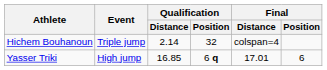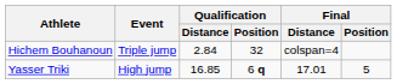 <table class=wikitable style=font-size:90%>
 <tr>
 <th rowspan=2>Athlete</th>
 <th rowspan=2>Event</th>
 <th colspan=2>Qualification</th>
 <th colspan=2>Final</th>
 </tr>
 <tr style=font-size:95%>
 <th>Distance</th>
 <th>Position</th>
 <th>Distance</th>
 <th>Position</th>
 </tr>
 <tr align=center>
 <td align=left><a href='#'>Hichem Bouhanoun</a></td>
 <td align=left><a href='#'>Triple jump</a></td>
-<td>2.14</td>
+<td>2.84</td>
 <td>32</td>
 <td>colspan=4 </td>
 </tr>
 <tr align=center>
 <td align=left><a href='#'>Yasser Triki</a></td>
 <td align=left><a href='#'>High jump</a></td>
 <td>16.85</td>
 <td>6 <strong>q</strong></td>
 <td>17.01</td>
-<td>6</td>
+<td>5</td>
 </tr>
 </table>
